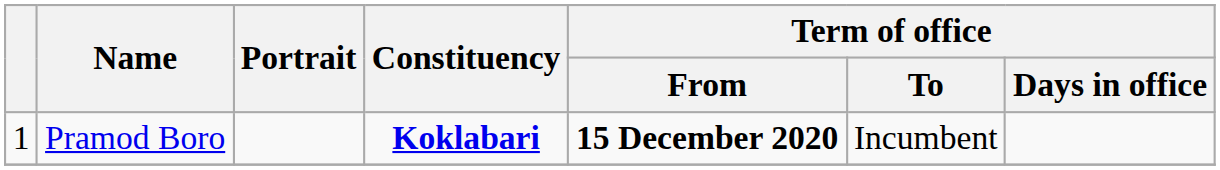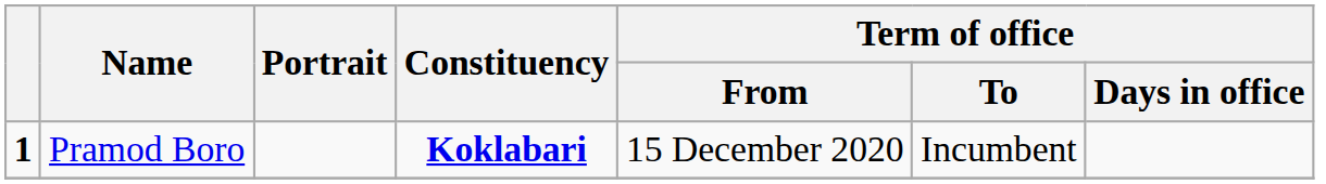 <table class="wikitable sortable"; style="text-align:center">
 <tr>
 <th rowspan=2 scope=col></th>
 <th rowspan=2>Name</th>
 <th rowspan=2>Portrait</th>
 <th rowspan=2>Constituency</th>
 <th colspan=3>Term of office</th>
 </tr>
 <tr>
 <th>From</th>
 <th>To</th>
 <th>Days in office</th>
 </tr>
 <tr>
-<td>1</td>
+<td><strong>1</strong></td>
 <td><a href='#'>Pramod Boro</a></td>
 <td></td>
 <td><strong><a href='#'>Koklabari</a></strong></td>
-<td><strong>15 December 2020</strong></td>
+<td>15 December 2020</td>
 <td>Incumbent</td>
 <td></td>
 </tr>
 <tr>
 </tr>
 </table>
